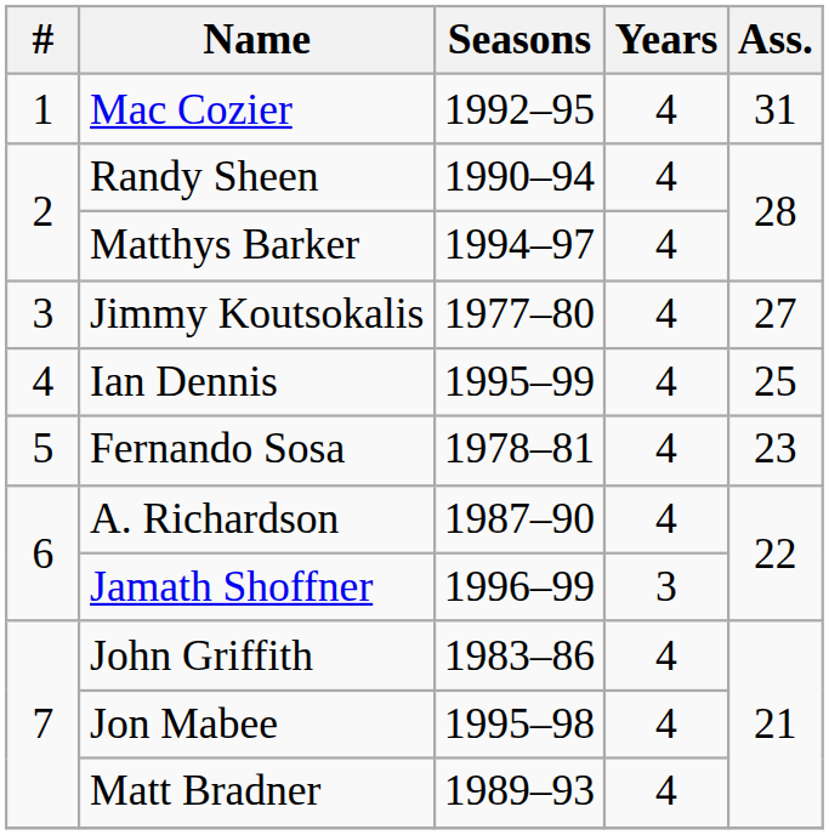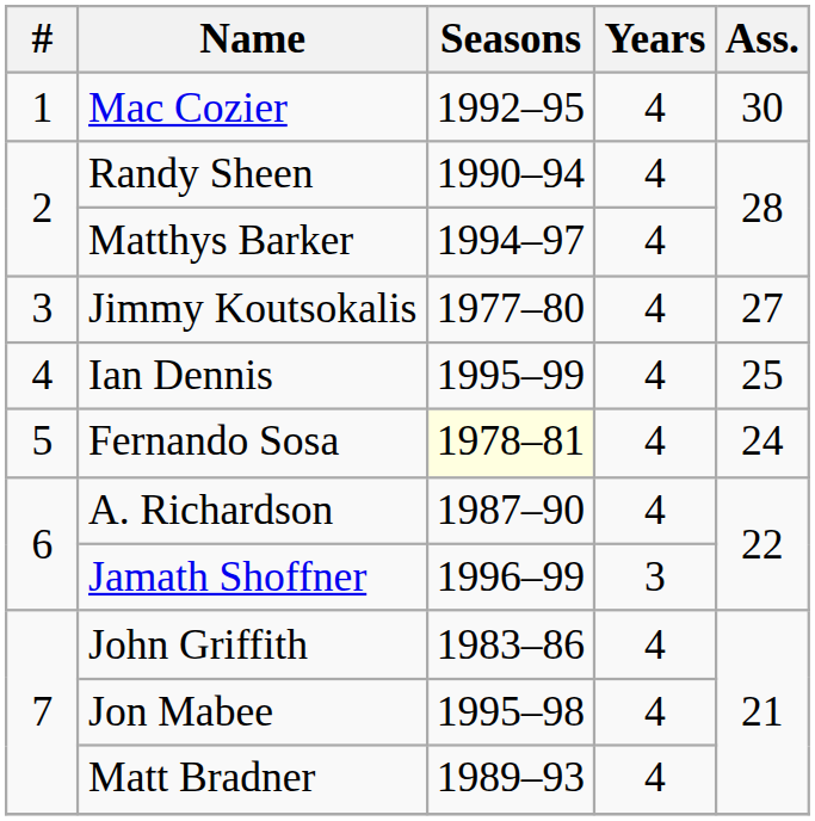 <table class="wikitable"; style= "text-align:center">
 <tr>
 <th width=20px>#</th>
 <th width=px>Name</th>
 <th width=px>Seasons</th>
 <th width=px>Years</th>
 <th width=px>Ass.</th>
 </tr>
 <tr>
 <td>1</td>
 <td align=left><a href='#'>Mac Cozier</a></td>
 <td>1992–95</td>
 <td>4</td>
-<td>31</td>
+<td>30</td>
 </tr>
 <tr>
 <td rowspan=2>2</td>
 <td align=left>Randy Sheen</td>
 <td>1990–94</td>
 <td>4</td>
 <td rowspan=2>28</td>
 </tr>
 <tr>
 <td align=left>Matthys Barker</td>
 <td>1994–97</td>
 <td>4</td>
 </tr>
 <tr>
 <td>3</td>
 <td align=left>Jimmy Koutsokalis</td>
 <td>1977–80</td>
 <td>4</td>
 <td>27</td>
 </tr>
 <tr>
 <td>4</td>
 <td align=left>Ian Dennis</td>
 <td>1995–99</td>
 <td>4</td>
 <td>25</td>
 </tr>
 <tr>
 <td>5</td>
 <td align=left>Fernando Sosa</td>
-<td>1978–81</td>
+<td style="background: lightyellow;">1978–81</td>
 <td>4</td>
-<td>23</td>
+<td>24</td>
 </tr>
 <tr>
 <td rowspan=2>6</td>
 <td align=left>A. Richardson</td>
 <td>1987–90</td>
 <td>4</td>
 <td rowspan=2>22</td>
 </tr>
 <tr>
 <td align=left><a href='#'>Jamath Shoffner</a></td>
 <td>1996–99</td>
 <td>3</td>
 </tr>
 <tr>
 <td rowspan=3>7</td>
 <td align=left>John Griffith</td>
 <td>1983–86</td>
 <td>4</td>
 <td rowspan=3>21</td>
 </tr>
 <tr>
 <td align=left>Jon Mabee</td>
 <td>1995–98</td>
 <td>4</td>
 </tr>
 <tr>
 <td align=left>Matt Bradner</td>
 <td>1989–93</td>
 <td>4</td>
 </tr>
 <tr>
 </tr>
 </table>
